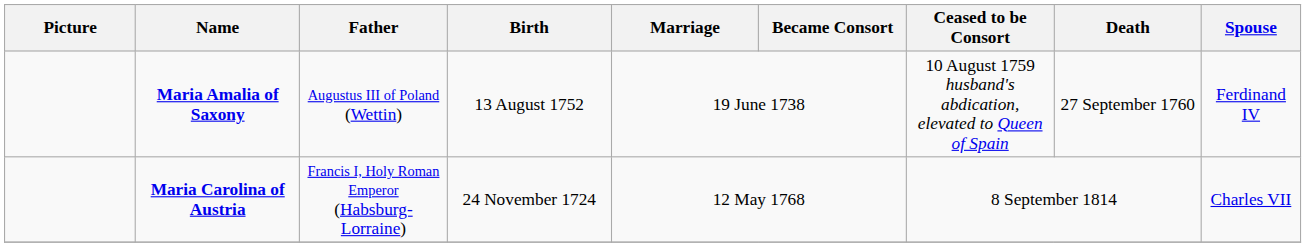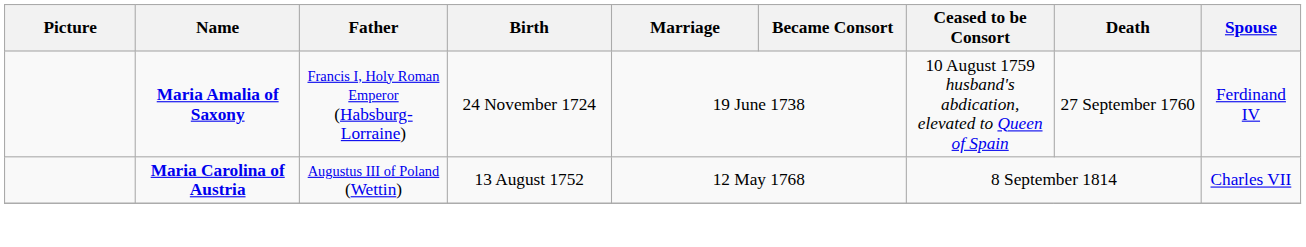 <table width=95% class="wikitable">
 <tr>
 <th width = "8%">Picture</th>
 <th width = "10%">Name</th>
 <th width = "9%">Father</th>
 <th width = "10%">Birth</th>
 <th width = "9%">Marriage</th>
 <th width = "9%">Became Consort</th>
 <th width = "9%">Ceased to be Consort</th>
 <th width = "9%">Death</th>
 <th width = "6%"><a href='#'>Spouse</a></th>
 </tr>
 <tr>
 <td align="center"></td>
 <td align="center"><strong><a href='#'>Maria Amalia of Saxony</a></strong></td>
-<td align="center"><small><a href='#'>Augustus III of Poland</a></small><br> (<a href='#'>Wettin</a>)</td>
-<td align="center">13 August 1752</td>
+<td align="center"><small><a href='#'>Francis I, Holy Roman Emperor</a></small><br> (<a href='#'>Habsburg-Lorraine</a>)</td>
+<td align="center">24 November 1724</td>
 <td align="center" colspan="2">19 June 1738</td>
 <td align="center">10 August 1759<br><em>husband's abdication, elevated to <a href='#'>Queen of Spain</a></em></td>
 <td align="center">27 September 1760</td>
 <td align="center"><a href='#'>Ferdinand IV</a></td>
 </tr>
 <tr>
 <td align="center"></td>
 <td align="center"><strong><a href='#'>Maria Carolina of Austria</a></strong></td>
-<td align="center"><small><a href='#'>Francis I, Holy Roman Emperor</a></small><br> (<a href='#'>Habsburg-Lorraine</a>)</td>
-<td align="center">24 November 1724</td>
+<td align="center"><small><a href='#'>Augustus III of Poland</a></small><br> (<a href='#'>Wettin</a>)</td>
+<td align="center">13 August 1752</td>
 <td align="center" colspan="2">12 May 1768</td>
 <td align="center" colspan="2">8 September 1814</td>
 <td align="center"><a href='#'>Charles VII</a></td>
 </tr>
 <tr>
 </tr>
 </table>
